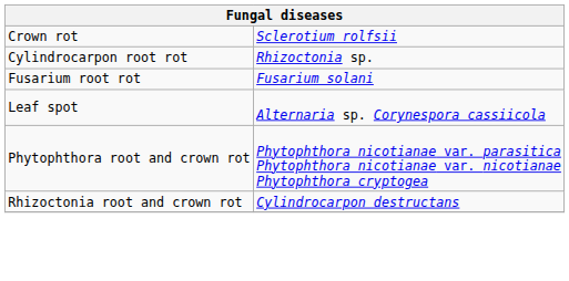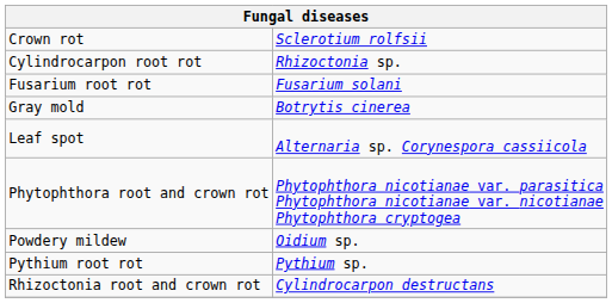 <table class="wikitable" style="clear:left">
 <tr>
 <th colspan=2><strong>Fungal diseases</strong><br></th>
 </tr>
 <tr>
 <td>Crown rot</td>
 <td><em><a href='#'>Sclerotium rolfsii</a></em></td>
 </tr>
 <tr>
 <td>Cylindrocarpon root rot</td>
 <td><em><a href='#'>Rhizoctonia</a></em> sp.</td>
 </tr>
 <tr>
 <td>Fusarium root rot</td>
 <td><em><a href='#'>Fusarium solani</a></em></td>
 </tr>
 <tr>
+<td>Gray mold</td>
+<td><em><a href='#'>Botrytis cinerea</a></em></td>
+</tr>
+<tr>
 <td>Leaf spot</td>
 <td><br><em><a href='#'>Alternaria</a></em> sp. <em><a href='#'>Corynespora cassiicola</a></em></td>
 </tr>
 <tr>
 <td>Phytophthora root and crown rot</td>
 <td><br><a href='#'><em>Phytophthora nicotianae</em> var. <em>parasitica</em></a><br> <a href='#'><em>Phytophthora nicotianae</em> var. <em>nicotianae</em></a><br> <em><a href='#'>Phytophthora cryptogea</a></em></td>
 </tr>
 <tr>
+<td>Powdery mildew</td>
+<td><em><a href='#'>Oidium</a></em> sp.</td>
+</tr>
+<tr>
+<td>Pythium root rot</td>
+<td><em><a href='#'>Pythium</a></em> sp.</td>
+</tr>
+<tr>
 <td>Rhizoctonia root and crown rot</td>
 <td><em><a href='#'>Cylindrocarpon destructans</a></em></td>
 </tr>
 <tr>
 </tr>
 </table>
